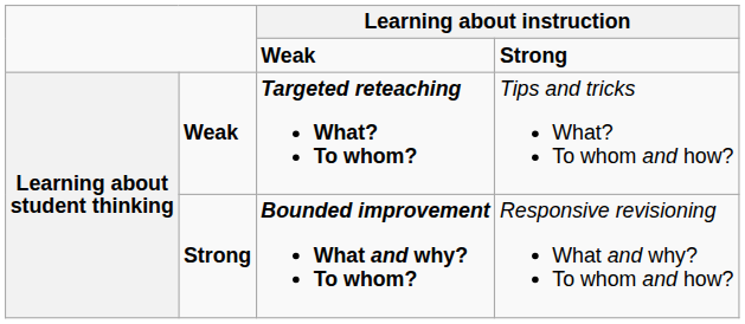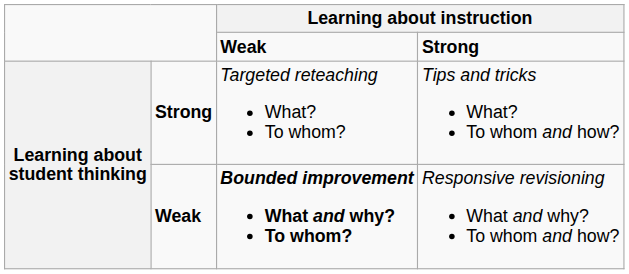 <table class="wikitable">
 <tr>
 <td colspan="2" rowspan="2"></td>
 <th colspan="2">Learning about instruction</th>
 </tr>
 <tr>
 <td><strong>Weak</strong></td>
 <td><strong>Strong</strong></td>
 </tr>
 <tr>
 <th rowspan="2">Learning about<br>student thinking</th>
-<td><strong>Weak</strong></td>
-<td><strong><em>Targeted  reteaching</em><br><ul><li>What?</li><li>To whom?</li></ul></strong></td>
+<td><strong>Strong</strong></td>
+<td><em>Targeted  reteaching</em><br><ul><li>What?</li><li>To whom?</li></ul></td>
 <td><em>Tips and tricks</em><br><ul><li>What?</li><li>To whom <em>and</em> how?</li></ul></td>
 </tr>
 <tr>
-<td><strong>Strong</strong></td>
+<td><strong>Weak</strong></td>
 <td><strong><em>Bounded improvement</em><br><ul><li>What <em>and</em> why?</li><li>To whom?</li></ul></strong></td>
 <td><em>Responsive revisioning</em><br><ul><li>What <em>and</em> why?</li><li>To whom <em>and</em> how?</li></ul></td>
 </tr>
 </table>
